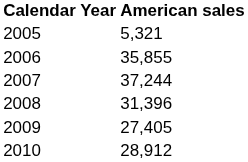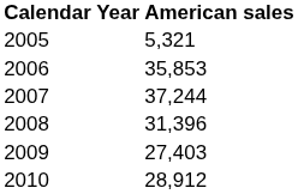 <table class="wig">
 <tr>
 <th>Calendar Year</th>
 <th>American sales</th>
 </tr>
 <tr>
 <td>2005</td>
 <td>5,321</td>
 </tr>
 <tr>
 <td>2006</td>
-<td>35,855</td>
+<td>35,853</td>
 </tr>
 <tr>
 <td>2007</td>
 <td>37,244</td>
 </tr>
 <tr>
 <td>2008</td>
 <td>31,396</td>
 </tr>
 <tr>
 <td>2009</td>
-<td>27,405</td>
+<td>27,403</td>
 </tr>
 <tr>
 <td>2010</td>
 <td>28,912</td>
 </tr>
 </table>
